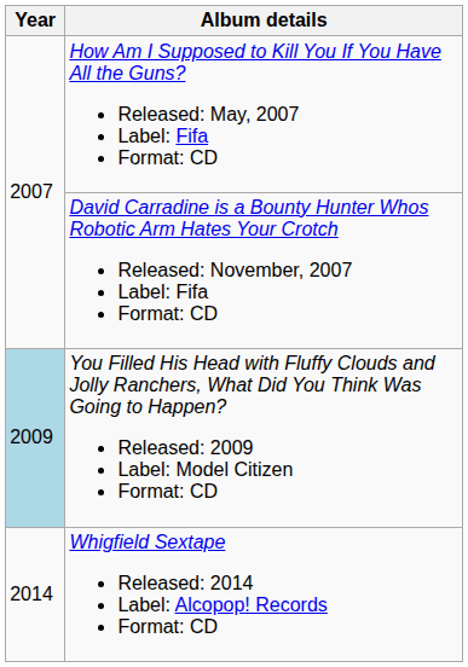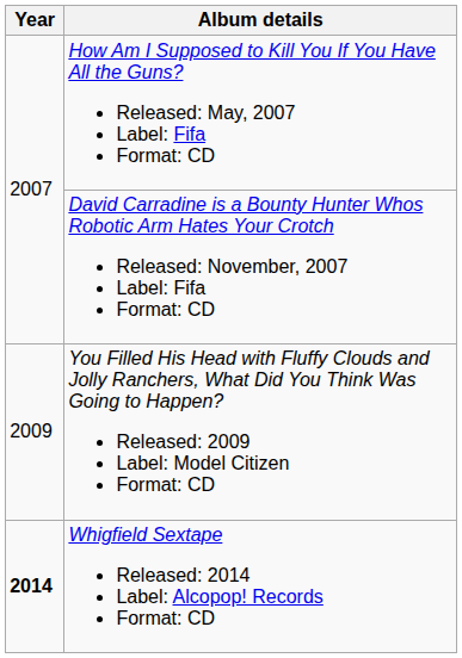 <table class="wikitable" style="width:30%">
 <tr>
 <th style="width:30px;">Year</th>
 <th style="width:280px;">Album details</th>
 </tr>
 <tr>
 <td rowspan="2">2007</td>
 <td><em><a href='#'>How Am I Supposed to Kill You If You Have All the Guns?</a></em><br><ul><li>Released: May, 2007</li><li>Label: <a href='#'>Fifa</a></li><li>Format: CD</li></ul></td>
 </tr>
 <tr>
 <td><em><a href='#'>David Carradine is a Bounty Hunter Whos Robotic Arm Hates Your Crotch</a></em><br><ul><li>Released: November, 2007</li><li>Label: Fifa</li><li>Format: CD</li></ul></td>
 </tr>
 <tr>
-<td style="background: lightblue;">2009</td>
+<td>2009</td>
 <td><em>You Filled His Head with Fluffy Clouds and Jolly Ranchers, What Did You Think Was Going to Happen?</em><br><ul><li>Released: 2009</li><li>Label: Model Citizen</li><li>Format: CD</li></ul></td>
 </tr>
 <tr>
-<td>2014</td>
+<td><strong>2014</strong></td>
 <td><em><a href='#'>Whigfield Sextape</a></em><br><ul><li>Released: 2014</li><li>Label: <a href='#'>Alcopop! Records</a></li><li>Format: CD</li></ul></td>
 </tr>
 </table>
